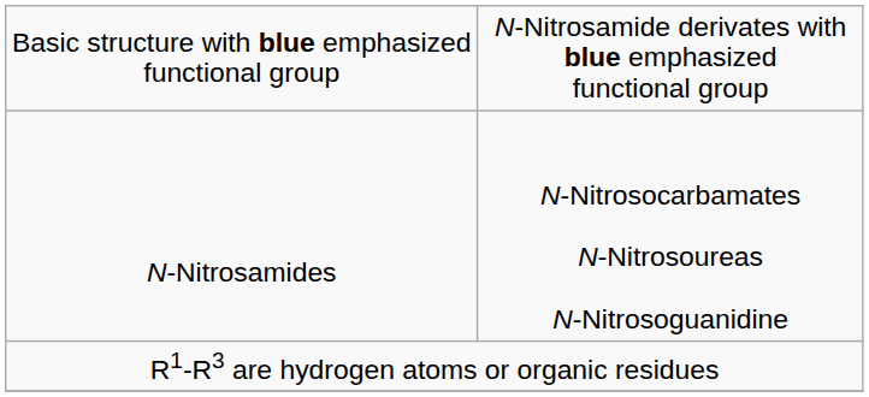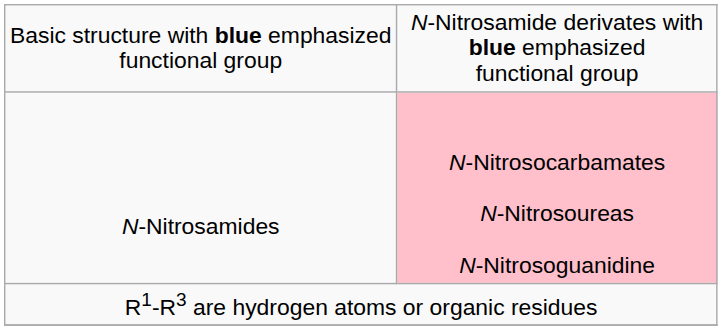 <table class="wikitable floatright" style="text-align:center; font-size:100%;">
 <tr class="hintergrundfarbe5">
 <td style="width:55%">Basic structure with <span><strong>blue</strong></span> emphasized <br> functional group</td>
 <td style="width:45%"><em>N</em>-Nitrosamide derivates with <br><span><strong>blue</strong></span> emphasized <br>functional group</td>
 </tr>
 <tr>
 <td><br><br><br> <em>N</em>-Nitrosamides</td>
-<td><br><br><em>N</em>-Nitrosocarbamates<br><br> <em>N</em>-Nitrosoureas<br><br> <em>N</em>-Nitrosoguanidine</td>
+<td style="background: pink;"><br><br><em>N</em>-Nitrosocarbamates<br><br> <em>N</em>-Nitrosoureas<br><br> <em>N</em>-Nitrosoguanidine</td>
 </tr>
 <tr>
 <td colspan="2">R<sup>1</sup>-R<sup>3</sup> are hydrogen atoms or organic residues</td>
 </tr>
 <tr>
 </tr>
 </table>
